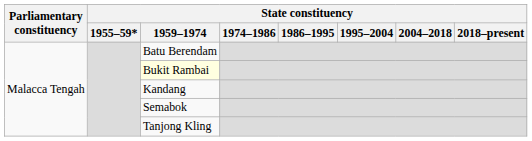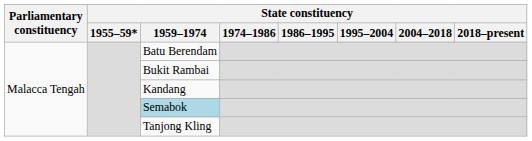 <table class="wikitable">
 <tr>
 <th rowspan="2">Parliamentary<br>constituency</th>
 <th colspan="7">State constituency</th>
 </tr>
 <tr>
 <th>1955–59*</th>
 <th>1959–1974</th>
 <th>1974–1986</th>
 <th>1986–1995</th>
 <th>1995–2004</th>
 <th>2004–2018</th>
 <th>2018–present</th>
 </tr>
 <tr>
 <td rowspan="5">Malacca Tengah</td>
 <td rowspan="5" bgcolor="dcdcdc"></td>
 <td>Batu Berendam</td>
 <td colspan="5" bgcolor="dcdcdc"></td>
 </tr>
 <tr>
-<td style="background: lightyellow;">Bukit Rambai</td>
+<td>Bukit Rambai</td>
 <td colspan="5" bgcolor="dcdcdc"></td>
 </tr>
 <tr>
 <td>Kandang</td>
 <td colspan="5" bgcolor="dcdcdc"></td>
 </tr>
 <tr>
-<td>Semabok</td>
+<td style="background: lightblue;">Semabok</td>
 <td colspan="5" bgcolor="dcdcdc"></td>
 </tr>
 <tr>
 <td>Tanjong Kling</td>
 <td colspan="5" bgcolor="dcdcdc"></td>
 </tr>
 </table>
